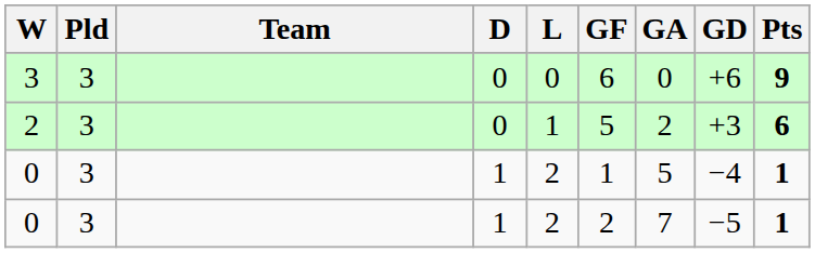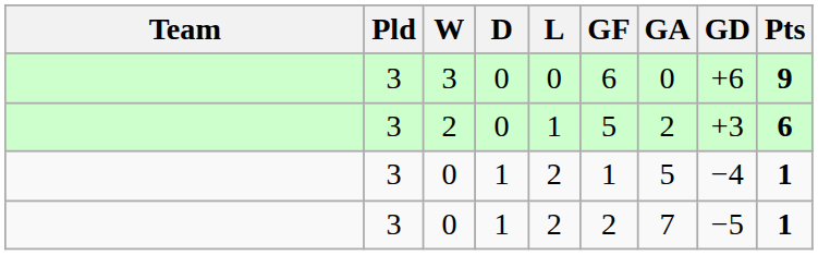 <table class="wikitable" style="text-align:center;">
 <tr>
+<th width=180>Team</th>
+<th width=20>Pld</th>
 <th width=20>W</th>
-<th width=20>Pld</th>
-<th width=180>Team</th>
 <th width=20>D</th>
 <th width=20>L</th>
 <th width=20>GF</th>
 <th width=20>GA</th>
 <th width=20>GD</th>
 <th width=20>Pts</th>
 </tr>
 <tr bgcolor=ccffcc>
+<td align="left"></td>
 <td>3</td>
 <td>3</td>
-<td align="left"></td>
 <td>0</td>
 <td>0</td>
 <td>6</td>
 <td>0</td>
 <td>+6</td>
 <td><strong>9</strong></td>
 </tr>
 <tr bgcolor=ccffcc>
+<td align="left"></td>
+<td>3</td>
 <td>2</td>
-<td>3</td>
-<td align="left"></td>
 <td>0</td>
 <td>1</td>
 <td>5</td>
 <td>2</td>
 <td>+3</td>
 <td><strong>6</strong></td>
 </tr>
 <tr>
+<td align="left"></td>
+<td>3</td>
 <td>0</td>
-<td>3</td>
-<td align="left"></td>
 <td>1</td>
 <td>2</td>
 <td>1</td>
 <td>5</td>
 <td>−4</td>
 <td><strong>1</strong></td>
 </tr>
 <tr>
+<td align="left"><em></em></td>
+<td>3</td>
 <td>0</td>
-<td>3</td>
-<td align="left"><em></em></td>
 <td>1</td>
 <td>2</td>
 <td>2</td>
 <td>7</td>
 <td>−5</td>
 <td><strong>1</strong></td>
 </tr>
 </table>
